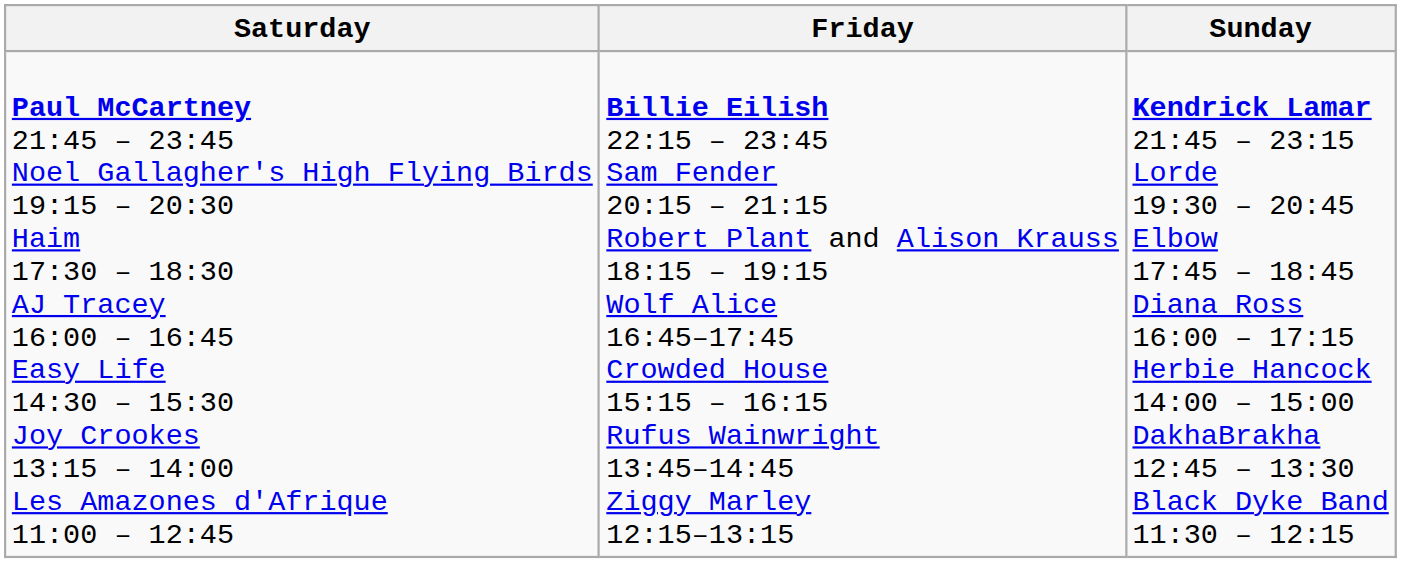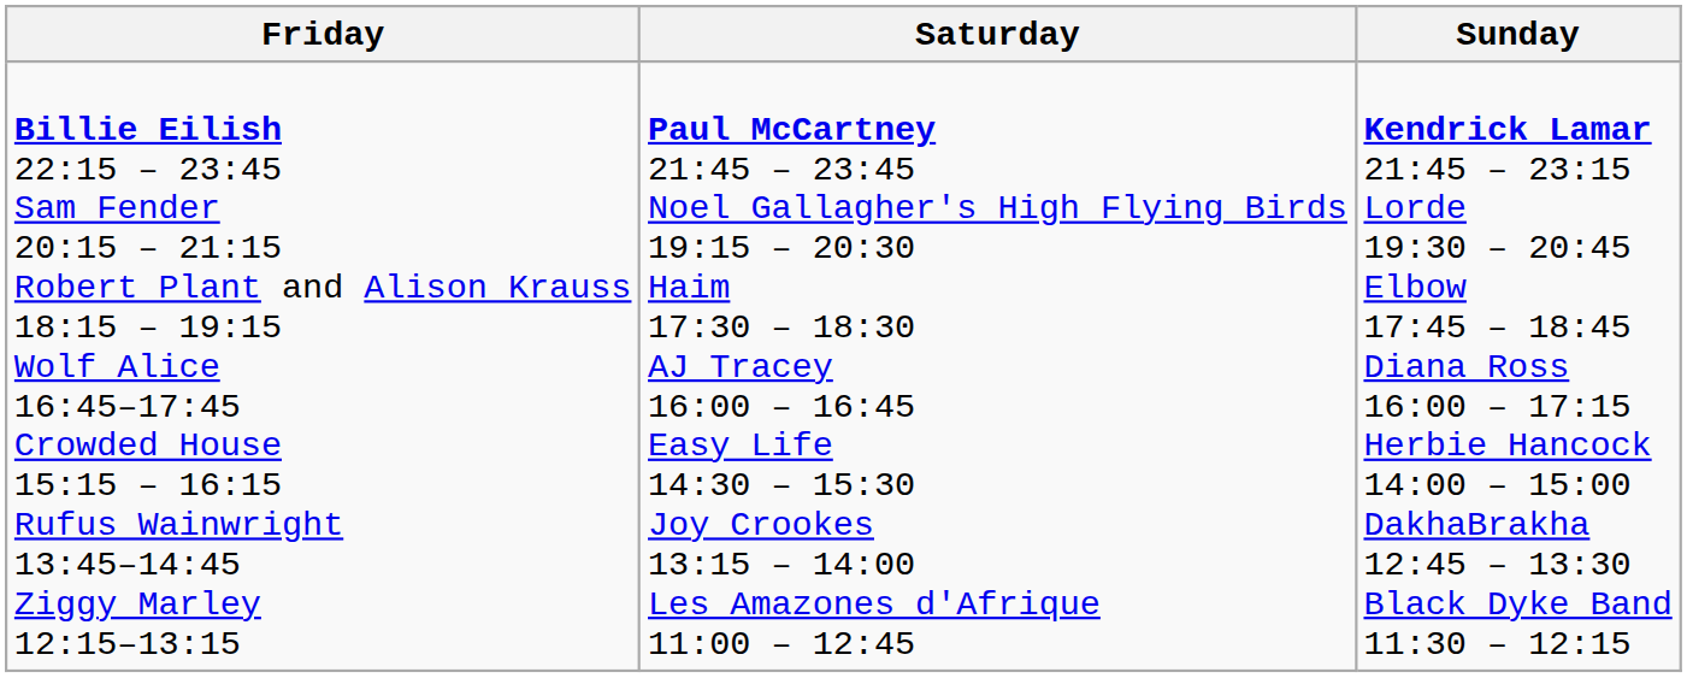 <table class="wikitable">
 <tr>
+<th>Friday</th>
 <th>Saturday</th>
-<th>Friday</th>
 <th>Sunday</th>
 </tr>
 <tr valign="top">
+<td><br><strong><a href='#'>Billie Eilish</a></strong> <br>22:15 – 23:45 <br><a href='#'>Sam Fender</a> <br>20:15 – 21:15 <br><a href='#'>Robert Plant</a> and <a href='#'>Alison Krauss</a> <br>18:15 – 19:15 <br><a href='#'>Wolf Alice</a> <br>16:45–17:45 <br><a href='#'>Crowded House</a> <br>15:15 – 16:15 <br><a href='#'>Rufus Wainwright</a> <br>13:45–14:45 <br><a href='#'>Ziggy Marley</a> <br>12:15–13:15</td>
 <td><br><strong><a href='#'>Paul McCartney</a></strong> <br>21:45 – 23:45 <br><a href='#'>Noel Gallagher's High Flying Birds</a> <br>19:15 – 20:30 <br><a href='#'>Haim</a> <br>17:30 – 18:30 <br><a href='#'>AJ Tracey</a> <br>16:00 – 16:45 <br><a href='#'>Easy Life</a> <br>14:30 – 15:30 <br><a href='#'>Joy Crookes</a> <br>13:15 – 14:00 <br><a href='#'>Les Amazones d'Afrique</a> <br>11:00 – 12:45</td>
-<td><br><strong><a href='#'>Billie Eilish</a></strong> <br>22:15 – 23:45 <br><a href='#'>Sam Fender</a> <br>20:15 – 21:15 <br><a href='#'>Robert Plant</a> and <a href='#'>Alison Krauss</a> <br>18:15 – 19:15 <br><a href='#'>Wolf Alice</a> <br>16:45–17:45 <br><a href='#'>Crowded House</a> <br>15:15 – 16:15 <br><a href='#'>Rufus Wainwright</a> <br>13:45–14:45 <br><a href='#'>Ziggy Marley</a> <br>12:15–13:15</td>
 <td><br><strong><a href='#'>Kendrick Lamar</a></strong> <br>21:45 – 23:15 <br><a href='#'>Lorde</a> <br>19:30 – 20:45 <br><a href='#'>Elbow</a> <br>17:45 – 18:45 <br><a href='#'>Diana Ross</a> <br>16:00 – 17:15 <br><a href='#'>Herbie Hancock</a> <br>14:00 – 15:00 <br><a href='#'>DakhaBrakha</a> <br>12:45 – 13:30 <br><a href='#'>Black Dyke Band</a> <br>11:30 – 12:15</td>
 </tr>
 </table>
